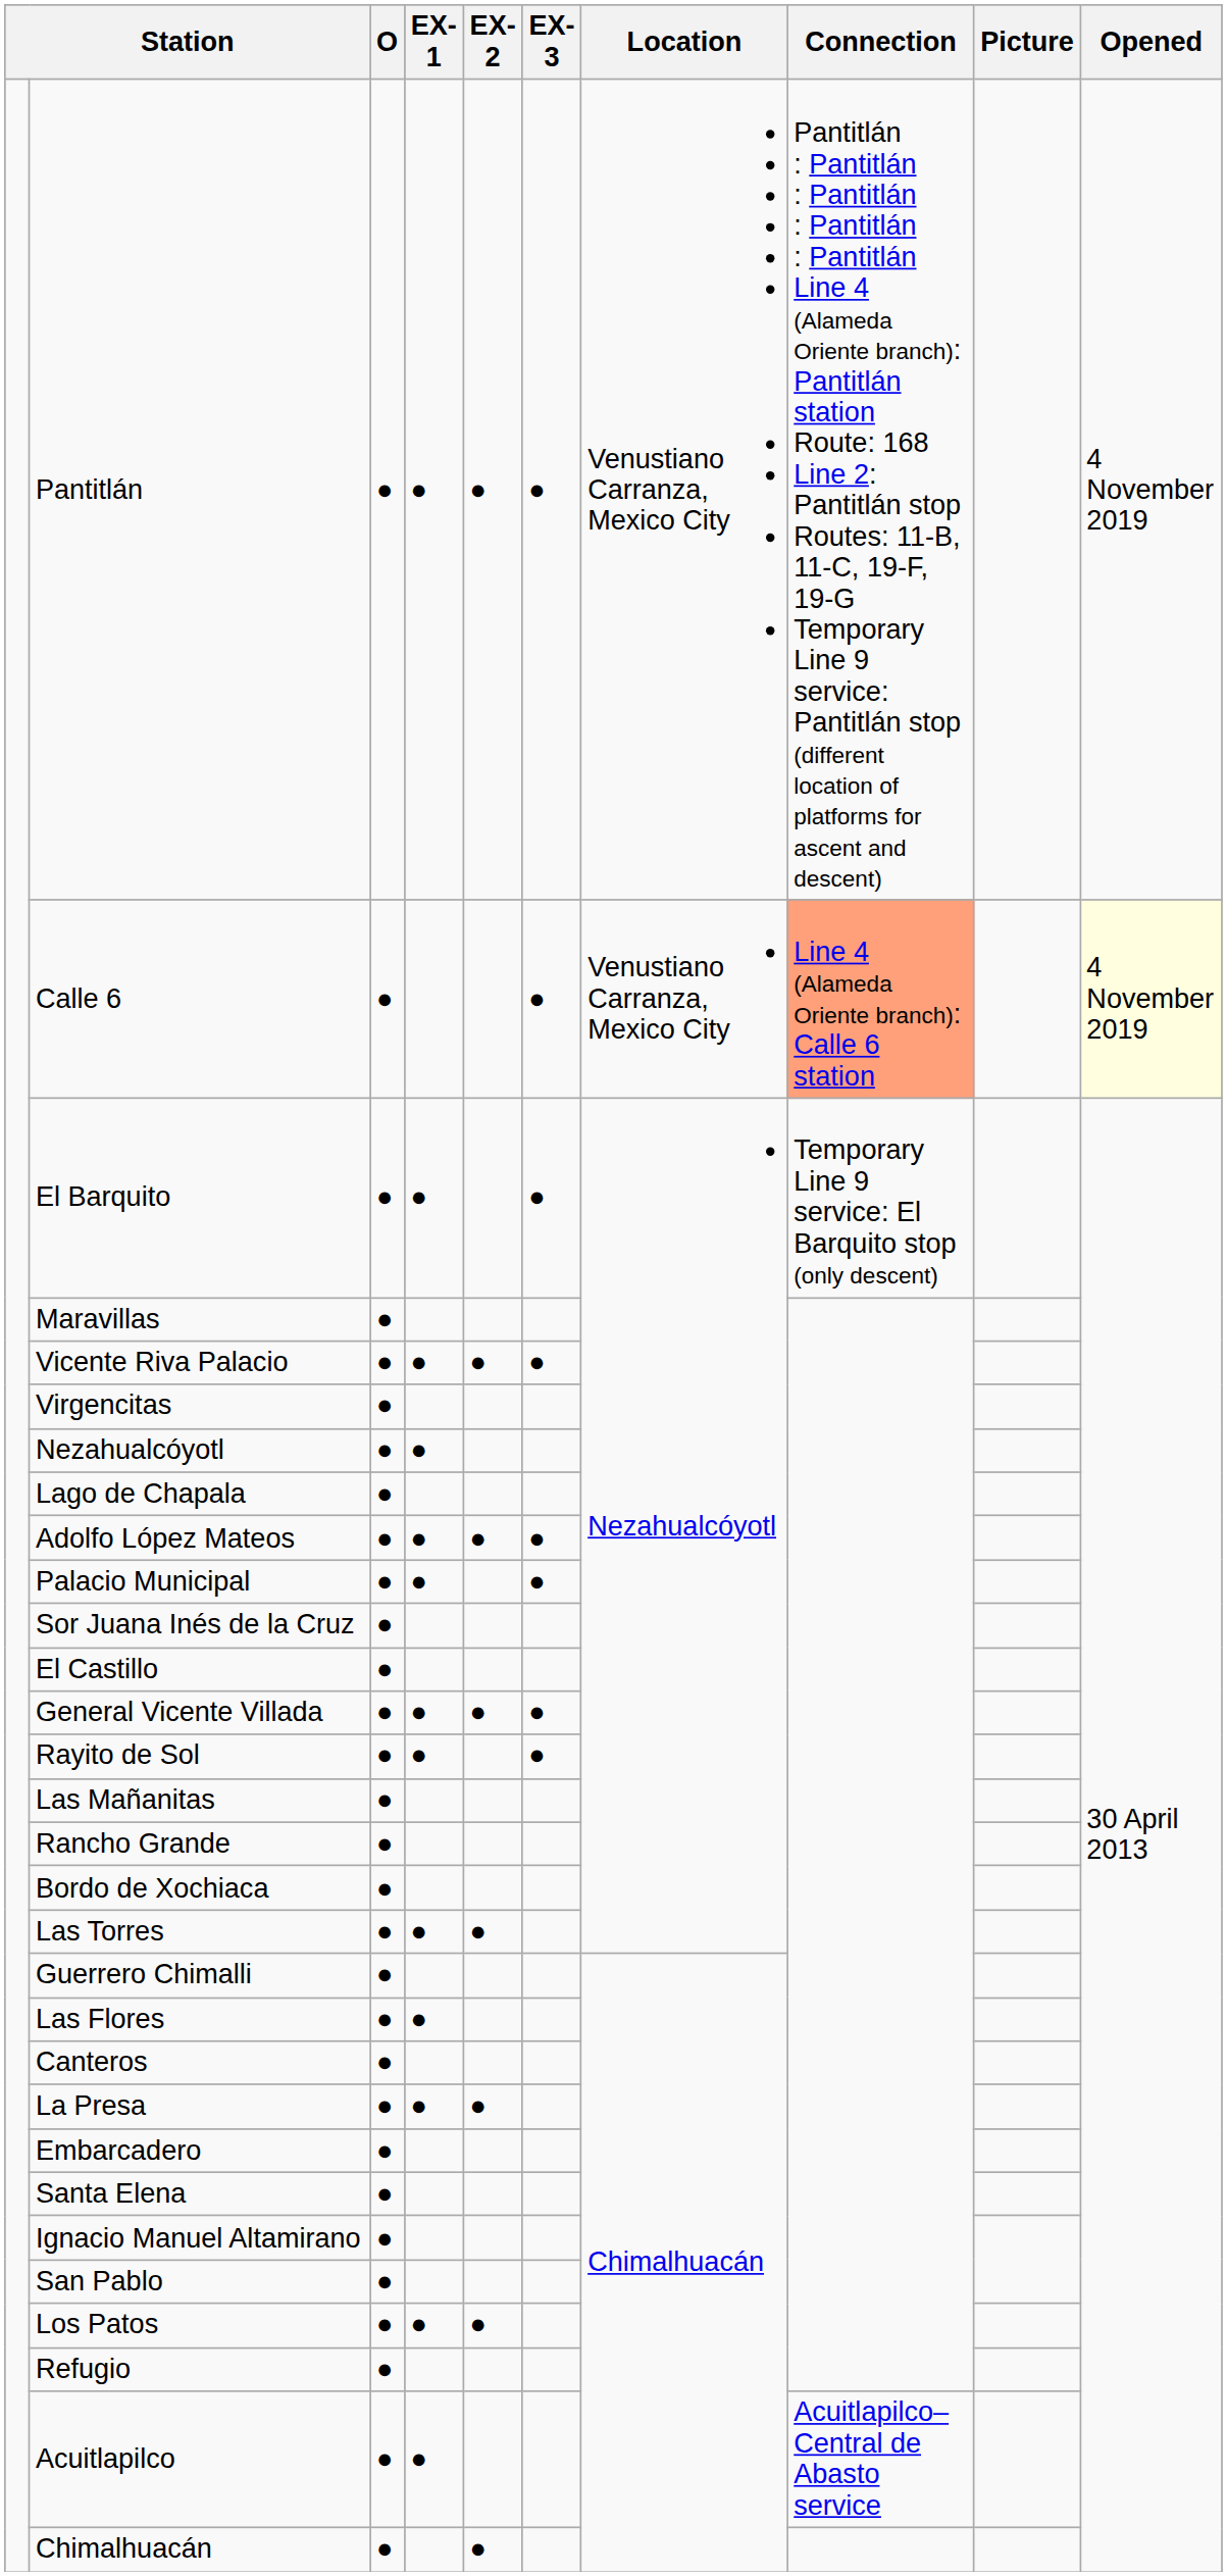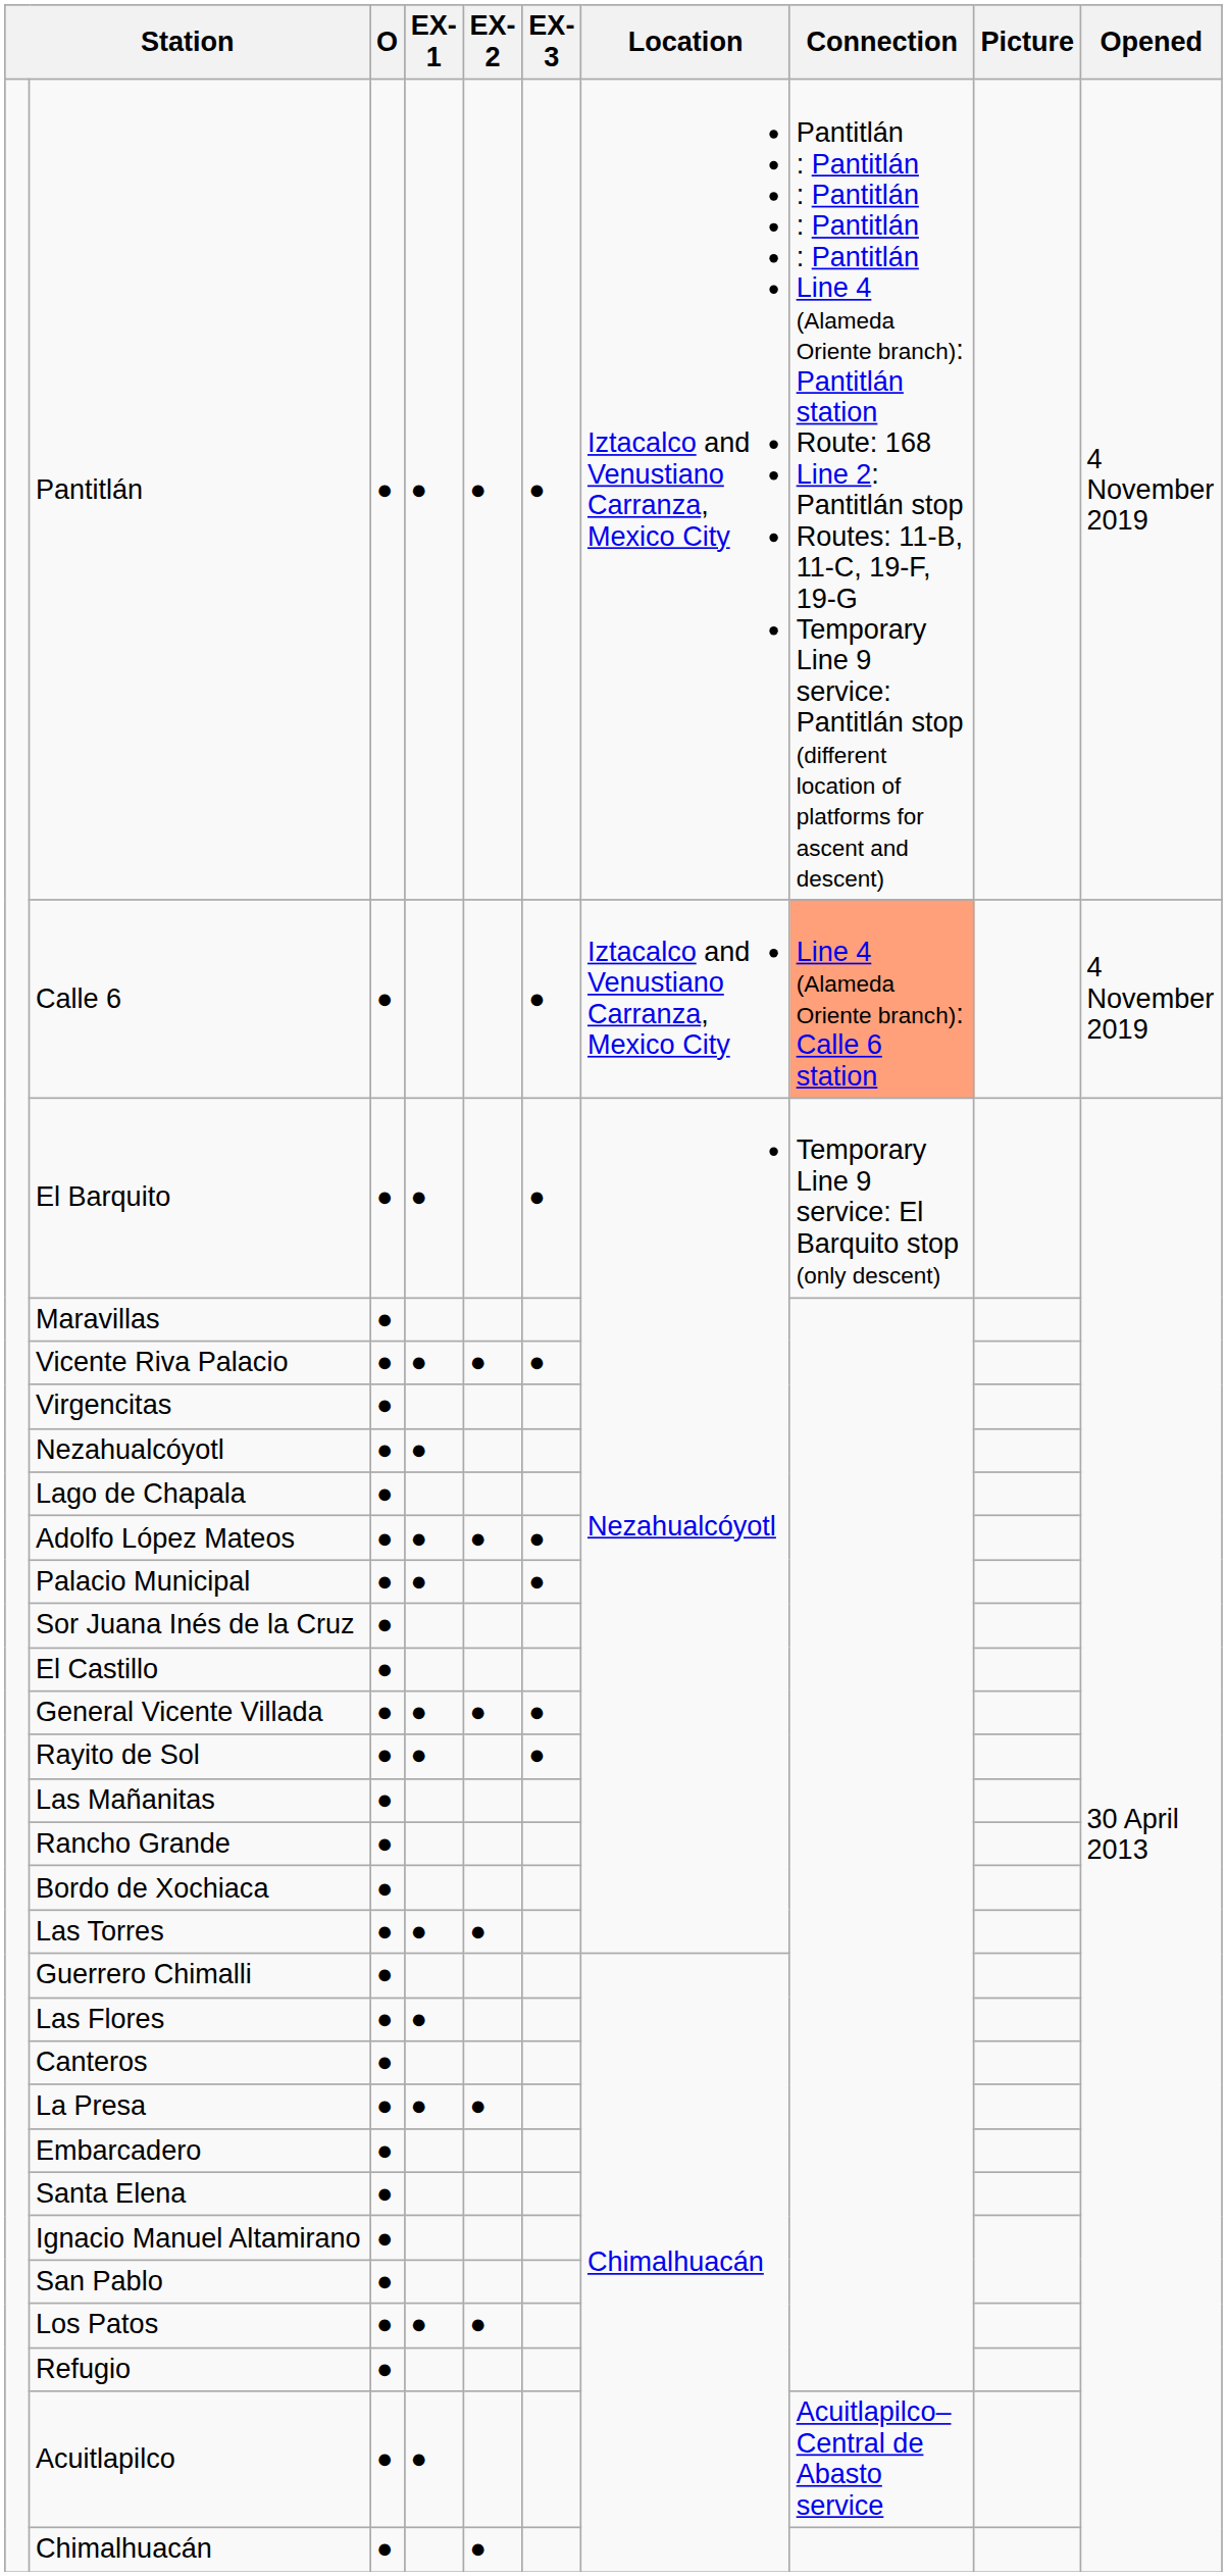 <table width="80%"  class="wikitable">
 <tr>
 <th colspan="2" align="center" width="30%">Station</th>
 <th align="center">O</th>
 <th align="center">EX-1</th>
 <th align="center">EX-2</th>
 <th align="center">EX-3</th>
 <th align="center">Location</th>
 <th align="center">Connection</th>
 <th align="center">Picture</th>
 <th align="center">Opened</th>
 </tr>
 <tr>
 <td rowspan="30" width="2%"> </td>
 <td> Pantitlán</td>
 <td>●</td>
 <td>●</td>
 <td>●</td>
 <td>●</td>
-<td>Venustiano Carranza, Mexico City</td>
+<td><a href='#'>Iztacalco</a> and <a href='#'>Venustiano Carranza</a>, <a href='#'>Mexico City</a></td>
 <td><br><li> Pantitlán</li> <li> : <a href='#'>Pantitlán</a></li> <li> : <a href='#'>Pantitlán</a></li> <li> : <a href='#'>Pantitlán</a></li> <li> : <a href='#'>Pantitlán</a></li> <li>  <a href='#'>Line 4</a> <small>(Alameda Oriente branch)</small>: <a href='#'>Pantitlán station</a></li> <li> Route: 168</li> <li> <a href='#'>Line 2</a>: Pantitlán stop</li> <li> Routes: 11-B, 11-C, 19-F, 19-G <li> Temporary Line 9 service: Pantitlán stop <small>(different location of platforms for ascent and descent)</small></td>
 <td></td>
 <td>4 November 2019</td>
 </tr>
 <tr>
 <td> Calle 6</td>
 <td>●</td>
 <td></td>
 <td></td>
 <td>●</td>
-<td>Venustiano Carranza, Mexico City</td>
+<td><a href='#'>Iztacalco</a> and <a href='#'>Venustiano Carranza</a>, <a href='#'>Mexico City</a></td>
 <td style="background: lightsalmon;"><br><li>  <a href='#'>Line 4</a> <small>(Alameda Oriente branch)</small>: <a href='#'>Calle 6 station</a></td>
 <td></td>
-<td style="background: lightyellow;">4 November 2019</td>
+<td>4 November 2019</td>
 </tr>
 <tr>
 <td> El Barquito</td>
 <td>●</td>
 <td>●</td>
 <td></td>
 <td>●</td>
 <td rowspan="16"><a href='#'>Nezahualcóyotl</a></td>
 <td><br><li> Temporary Line 9 service: El Barquito stop <small>(only descent)</small> </li></td>
 <td></td>
 <td rowspan="28">30 April 2013</td>
 </tr>
 <tr>
 <td> Maravillas</td>
 <td>●</td>
 <td></td>
 <td></td>
 <td></td>
 <td rowspan="25"></td>
 <td></td>
 </tr>
 <tr>
 <td> Vicente Riva Palacio</td>
 <td>●</td>
 <td>●</td>
 <td>●</td>
 <td>●</td>
 <td></td>
 </tr>
 <tr>
 <td> Virgencitas</td>
 <td>●</td>
 <td></td>
 <td></td>
 <td></td>
 <td></td>
 </tr>
 <tr>
 <td> Nezahualcóyotl</td>
 <td>●</td>
 <td>●</td>
 <td></td>
 <td></td>
 <td></td>
 </tr>
 <tr>
 <td> Lago de Chapala</td>
 <td>●</td>
 <td></td>
 <td></td>
 <td></td>
 <td></td>
 </tr>
 <tr>
 <td> Adolfo López Mateos</td>
 <td>●</td>
 <td>●</td>
 <td>●</td>
 <td>●</td>
 <td></td>
 </tr>
 <tr>
 <td> Palacio Municipal</td>
 <td>●</td>
 <td>●</td>
 <td></td>
 <td>●</td>
 <td></td>
 </tr>
 <tr>
 <td> Sor Juana Inés de la Cruz</td>
 <td>●</td>
 <td></td>
 <td></td>
 <td></td>
 <td></td>
 </tr>
 <tr>
 <td> El Castillo</td>
 <td>●</td>
 <td></td>
 <td></td>
 <td></td>
 <td></td>
 </tr>
 <tr>
 <td> General Vicente Villada</td>
 <td>●</td>
 <td>●</td>
 <td>●</td>
 <td>●</td>
 <td></td>
 </tr>
 <tr>
 <td> Rayito de Sol</td>
 <td>●</td>
 <td>●</td>
 <td></td>
 <td>●</td>
 <td></td>
 </tr>
 <tr>
 <td> Las Mañanitas</td>
 <td>●</td>
 <td></td>
 <td></td>
 <td></td>
 <td></td>
 </tr>
 <tr>
 <td> Rancho Grande</td>
 <td>●</td>
 <td></td>
 <td></td>
 <td></td>
 <td></td>
 </tr>
 <tr>
 <td> Bordo de Xochiaca</td>
 <td>●</td>
 <td></td>
 <td></td>
 <td></td>
 <td></td>
 </tr>
 <tr>
 <td> Las Torres</td>
 <td>●</td>
 <td>●</td>
 <td>●</td>
 <td></td>
 <td></td>
 </tr>
 <tr>
 <td> Guerrero Chimalli</td>
 <td>●</td>
 <td></td>
 <td></td>
 <td></td>
 <td rowspan="12"><a href='#'>Chimalhuacán</a></td>
 <td></td>
 </tr>
 <tr>
 <td> Las Flores</td>
 <td>●</td>
 <td>●</td>
 <td></td>
 <td></td>
 <td></td>
 </tr>
 <tr>
 <td> Canteros</td>
 <td>●</td>
 <td></td>
 <td></td>
 <td></td>
 <td></td>
 </tr>
 <tr>
 <td> La Presa</td>
 <td>●</td>
 <td>●</td>
 <td>●</td>
 <td></td>
 <td></td>
 </tr>
 <tr>
 <td> Embarcadero</td>
 <td>●</td>
 <td></td>
 <td></td>
 <td></td>
 <td></td>
 </tr>
 <tr>
 <td> Santa Elena</td>
 <td>●</td>
 <td></td>
 <td></td>
 <td></td>
 <td></td>
 </tr>
 <tr>
 <td> Ignacio Manuel Altamirano</td>
 <td>●</td>
 <td></td>
 <td></td>
 <td></td>
 </tr>
 <tr>
 <td> San Pablo</td>
 <td>●</td>
 <td></td>
 <td></td>
 <td></td>
 </tr>
 <tr>
 <td> Los Patos</td>
 <td>●</td>
 <td>●</td>
 <td>●</td>
 <td></td>
 <td></td>
 </tr>
 <tr>
 <td> Refugio</td>
 <td>●</td>
 <td></td>
 <td></td>
 <td></td>
 <td></td>
 </tr>
 <tr>
 <td> Acuitlapilco</td>
 <td>●</td>
 <td>●</td>
 <td></td>
 <td></td>
 <td> <a href='#'>Acuitlapilco–Central de Abasto service</a></td>
 <td></td>
 </tr>
 <tr>
 <td> Chimalhuacán</td>
 <td>●</td>
 <td></td>
 <td>●</td>
 <td></td>
 <td></td>
 <td></td>
 </tr>
 </table>
